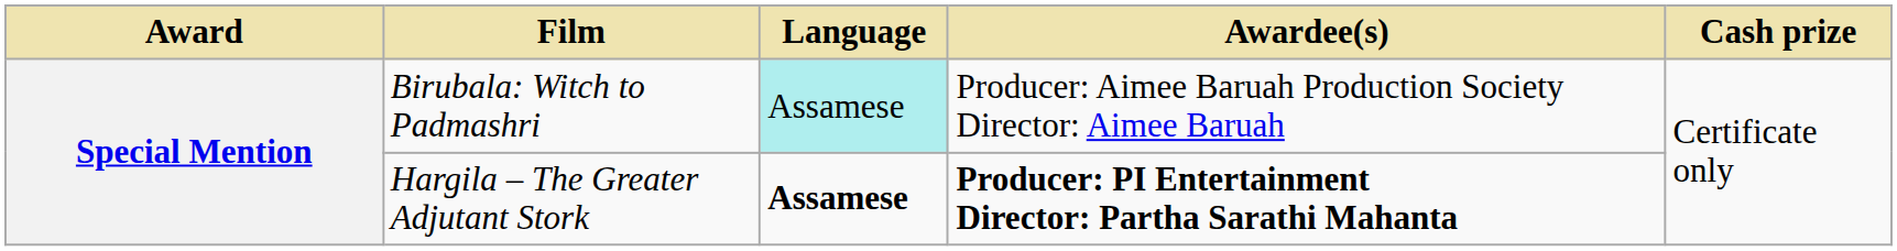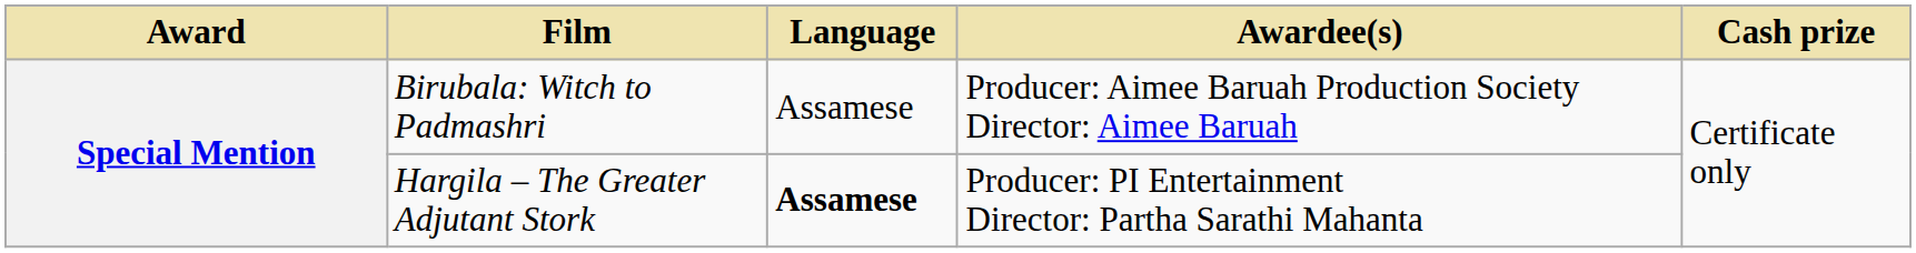 <table class="wikitable plainrowheaders" style="width:100%;">
 <tr>
 <th style="background-color:#EFE4B0;width:20%;">Award</th>
 <th style="background-color:#EFE4B0;width:20%;">Film</th>
 <th style="background-color:#EFE4B0;width:10%;">Language</th>
 <th style="background-color:#EFE4B0;width:38%;">Awardee(s)</th>
 <th style="background-color:#EFE4B0;width:12%;">Cash prize</th>
 </tr>
 <tr>
 <th scope="row" rowspan=2><a href='#'>Special Mention</a></th>
 <td><em>Birubala: Witch to Padmashri</em></td>
-<td style="background: paleturquoise;">Assamese</td>
+<td>Assamese</td>
 <td>Producer: Aimee Baruah Production Society<br>Director: <a href='#'>Aimee Baruah</a></td>
 <td rowspan=2>Certificate only</td>
 </tr>
 <tr>
 <td><em>Hargila – The Greater Adjutant Stork</em></td>
 <td><strong>Assamese</strong></td>
-<td><strong>Producer: PI Entertainment<br>Director: Partha Sarathi Mahanta</strong></td>
+<td>Producer: PI Entertainment<br>Director: Partha Sarathi Mahanta</td>
 </tr>
 </table>
